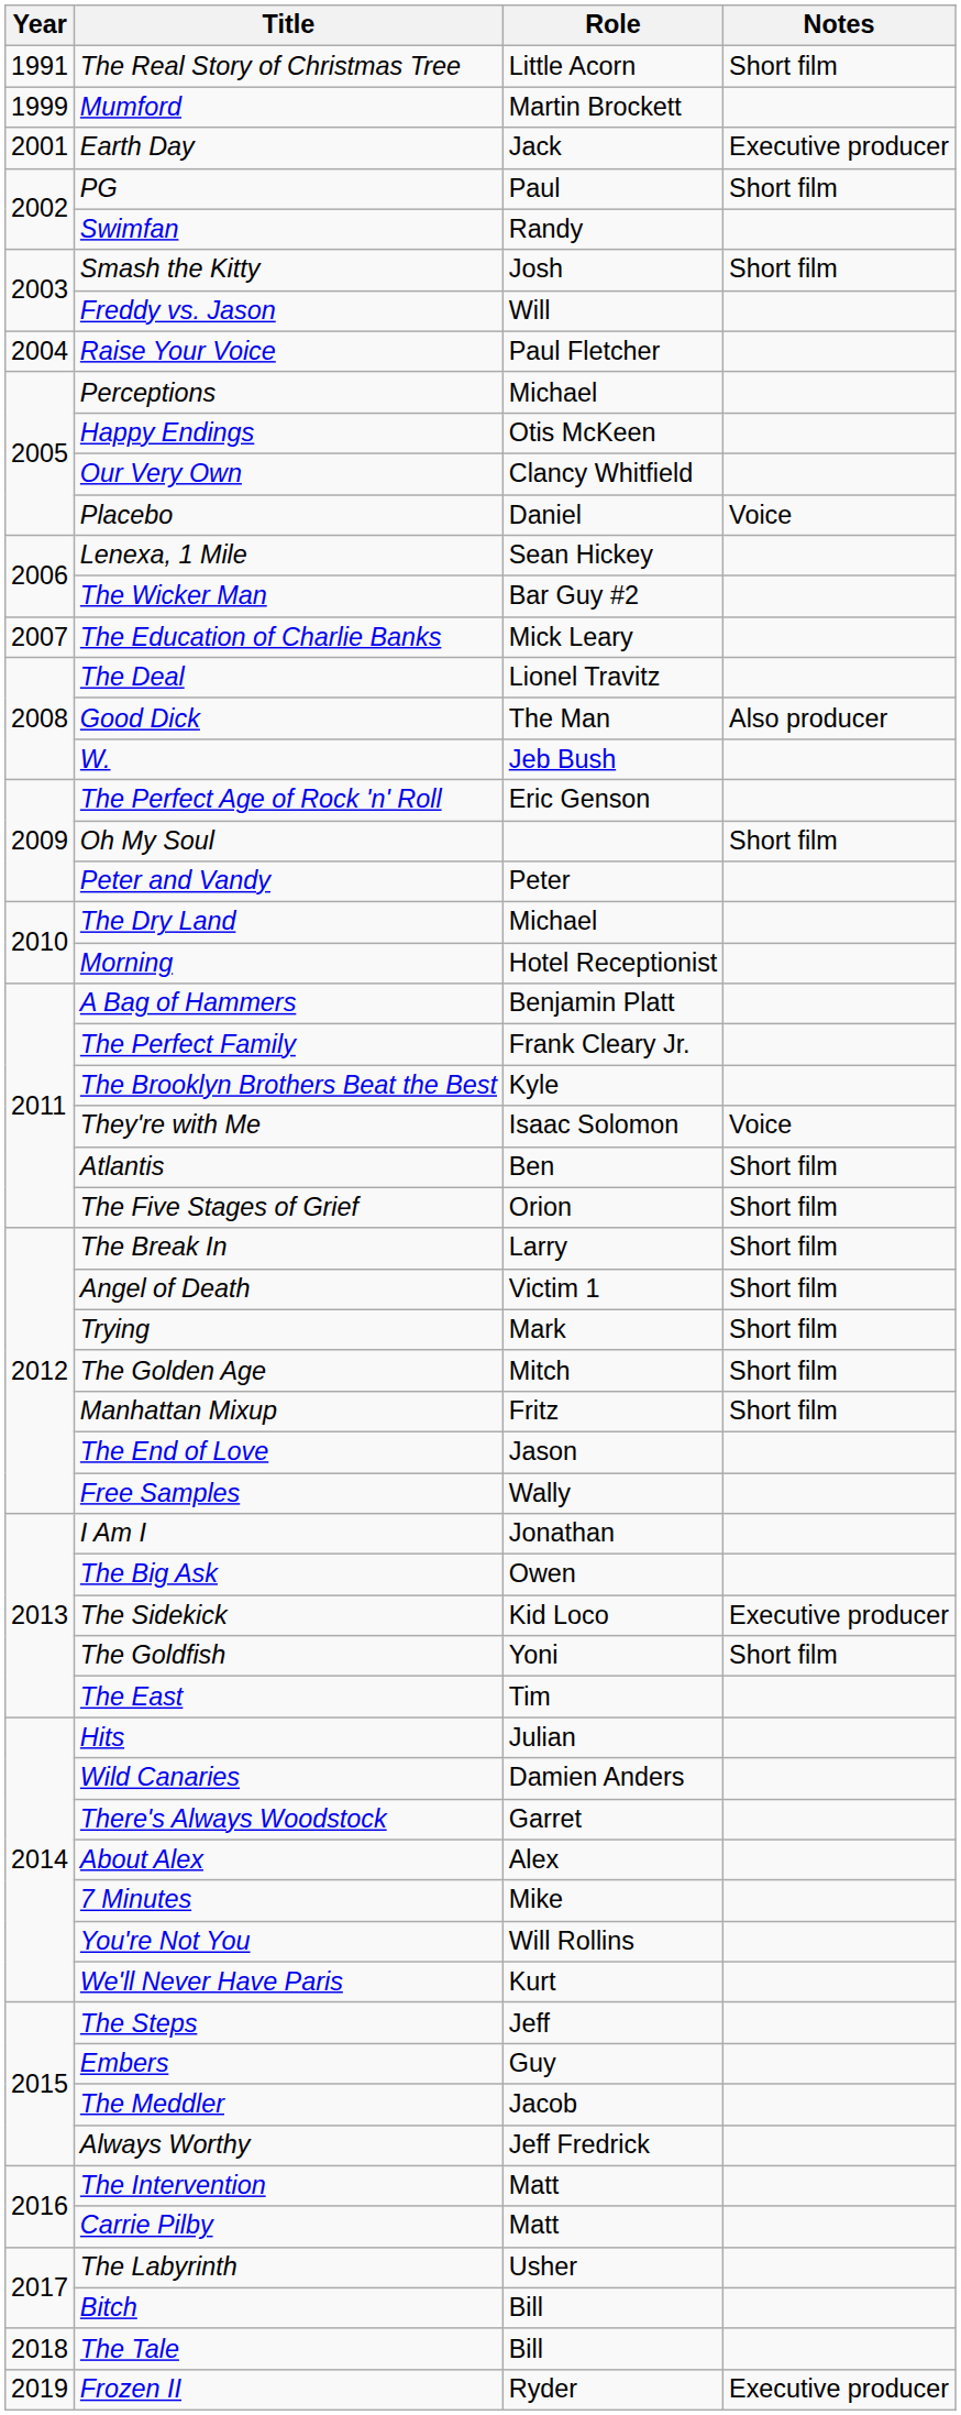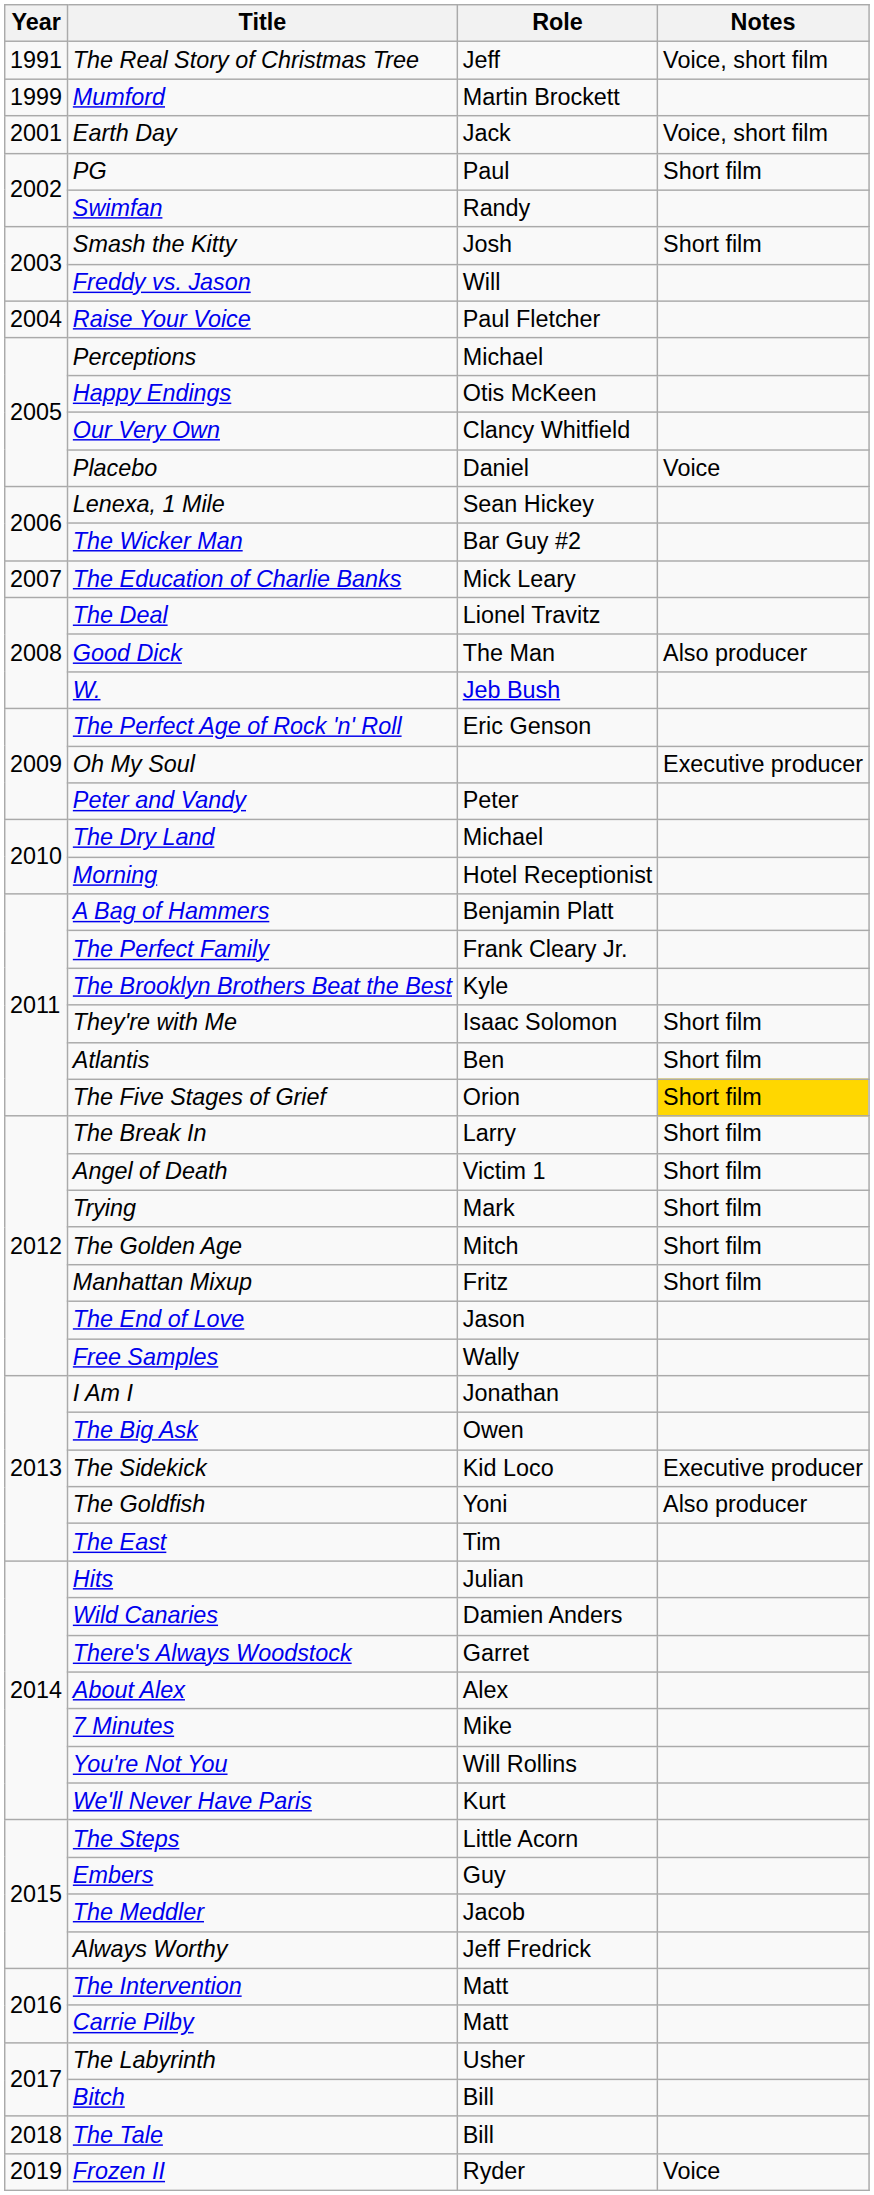 <table class="wikitable sortable">
 <tr>
 <th>Year</th>
 <th>Title</th>
 <th>Role</th>
 <th class="unsortable">Notes</th>
 </tr>
 <tr>
 <td>1991</td>
 <td><em>The Real Story of Christmas Tree</em></td>
-<td>Little Acorn</td>
-<td>Short film</td>
+<td>Jeff</td>
+<td>Voice, short film</td>
 </tr>
 <tr>
 <td>1999</td>
 <td><em><a href='#'>Mumford</a></em></td>
 <td>Martin Brockett</td>
 <td></td>
 </tr>
 <tr>
 <td>2001</td>
 <td><em>Earth Day</em></td>
 <td>Jack</td>
-<td>Executive producer</td>
+<td>Voice, short film</td>
 </tr>
 <tr>
 <td rowspan="2">2002</td>
 <td><em>PG</em></td>
 <td>Paul</td>
 <td>Short film</td>
 </tr>
 <tr>
 <td><em><a href='#'>Swimfan</a></em></td>
 <td>Randy</td>
 <td></td>
 </tr>
 <tr>
 <td rowspan="2">2003</td>
 <td><em>Smash the Kitty</em></td>
 <td>Josh</td>
 <td>Short film</td>
 </tr>
 <tr>
 <td><em><a href='#'>Freddy vs. Jason</a></em></td>
 <td>Will</td>
 <td></td>
 </tr>
 <tr>
 <td>2004</td>
 <td><em><a href='#'>Raise Your Voice</a></em></td>
 <td>Paul Fletcher</td>
 <td></td>
 </tr>
 <tr>
 <td rowspan="4">2005</td>
 <td><em>Perceptions</em></td>
 <td>Michael</td>
 <td></td>
 </tr>
 <tr>
 <td><em><a href='#'>Happy Endings</a></em></td>
 <td>Otis McKeen</td>
 <td></td>
 </tr>
 <tr>
 <td><em><a href='#'>Our Very Own</a></em></td>
 <td>Clancy Whitfield</td>
 <td></td>
 </tr>
 <tr>
 <td><em>Placebo</em></td>
 <td>Daniel</td>
 <td>Voice</td>
 </tr>
 <tr>
 <td rowspan="2">2006</td>
 <td><em>Lenexa, 1 Mile</em></td>
 <td>Sean Hickey</td>
 <td></td>
 </tr>
 <tr>
 <td><em><a href='#'>The Wicker Man</a></em></td>
 <td>Bar Guy #2</td>
 <td></td>
 </tr>
 <tr>
 <td>2007</td>
 <td><em><a href='#'>The Education of Charlie Banks</a></em></td>
 <td>Mick Leary</td>
 <td></td>
 </tr>
 <tr>
 <td rowspan="3">2008</td>
 <td><em><a href='#'>The Deal</a></em></td>
 <td>Lionel Travitz</td>
 <td></td>
 </tr>
 <tr>
 <td><em><a href='#'>Good Dick</a></em></td>
 <td>The Man</td>
 <td>Also producer</td>
 </tr>
 <tr>
 <td><em><a href='#'>W.</a></em></td>
 <td><a href='#'>Jeb Bush</a></td>
 <td></td>
 </tr>
 <tr>
 <td rowspan="3">2009</td>
 <td><em><a href='#'>The Perfect Age of Rock 'n' Roll</a></em></td>
 <td>Eric Genson</td>
 <td></td>
 </tr>
 <tr>
 <td><em>Oh My Soul</em></td>
 <td></td>
-<td>Short film</td>
+<td>Executive producer</td>
 </tr>
 <tr>
 <td><em><a href='#'>Peter and Vandy</a></em></td>
 <td>Peter</td>
 <td></td>
 </tr>
 <tr>
 <td rowspan="2'">2010</td>
 <td><em><a href='#'>The Dry Land</a></em></td>
 <td>Michael</td>
 <td></td>
 </tr>
 <tr>
 <td><em><a href='#'>Morning</a></em></td>
 <td>Hotel Receptionist</td>
 <td></td>
 </tr>
 <tr>
 <td rowspan="6">2011</td>
 <td><em><a href='#'>A Bag of Hammers</a></em></td>
 <td>Benjamin Platt</td>
 <td></td>
 </tr>
 <tr>
 <td><em><a href='#'>The Perfect Family</a></em></td>
 <td>Frank Cleary Jr.</td>
 <td></td>
 </tr>
 <tr>
 <td><em><a href='#'>The Brooklyn Brothers Beat the Best</a></em></td>
 <td>Kyle</td>
 <td></td>
 </tr>
 <tr>
 <td><em>They're with Me</em></td>
 <td>Isaac Solomon</td>
-<td>Voice</td>
+<td>Short film</td>
 </tr>
 <tr>
 <td><em>Atlantis</em></td>
 <td>Ben</td>
 <td>Short film</td>
 </tr>
 <tr>
 <td><em>The Five Stages of Grief</em></td>
 <td>Orion</td>
-<td>Short film</td>
+<td style="background: gold;">Short film</td>
 </tr>
 <tr>
 <td rowspan="7">2012</td>
 <td><em>The Break In</em></td>
 <td>Larry</td>
 <td>Short film</td>
 </tr>
 <tr>
 <td><em>Angel of Death</em></td>
 <td>Victim 1</td>
 <td>Short film</td>
 </tr>
 <tr>
 <td><em>Trying</em></td>
 <td>Mark</td>
 <td>Short film</td>
 </tr>
 <tr>
 <td><em>The Golden Age</em></td>
 <td>Mitch</td>
 <td>Short film</td>
 </tr>
 <tr>
 <td><em>Manhattan Mixup</em></td>
 <td>Fritz</td>
 <td>Short film</td>
 </tr>
 <tr>
 <td><em><a href='#'>The End of Love</a></em></td>
 <td>Jason</td>
 <td></td>
 </tr>
 <tr>
 <td><em><a href='#'>Free Samples</a></em></td>
 <td>Wally</td>
 <td></td>
 </tr>
 <tr>
 <td rowspan="5">2013</td>
 <td><em>I Am I</em></td>
 <td>Jonathan</td>
 <td></td>
 </tr>
 <tr>
 <td><em><a href='#'>The Big Ask</a></em></td>
 <td>Owen</td>
 <td></td>
 </tr>
 <tr>
 <td><em>The Sidekick</em></td>
 <td>Kid Loco</td>
 <td>Executive producer</td>
 </tr>
 <tr>
 <td><em>The Goldfish</em></td>
 <td>Yoni</td>
-<td>Short film</td>
+<td>Also producer</td>
 </tr>
 <tr>
 <td><em><a href='#'>The East</a></em></td>
 <td>Tim</td>
 <td></td>
 </tr>
 <tr>
 <td rowspan="7">2014</td>
 <td><em><a href='#'>Hits</a></em></td>
 <td>Julian</td>
 <td></td>
 </tr>
 <tr>
 <td><em><a href='#'>Wild Canaries</a></em></td>
 <td>Damien Anders</td>
 <td></td>
 </tr>
 <tr>
 <td><em><a href='#'>There's Always Woodstock</a></em></td>
 <td>Garret</td>
 <td></td>
 </tr>
 <tr>
 <td><em><a href='#'>About Alex</a></em></td>
 <td>Alex</td>
 <td></td>
 </tr>
 <tr>
 <td><em><a href='#'>7 Minutes</a></em></td>
 <td>Mike</td>
 <td></td>
 </tr>
 <tr>
 <td><em><a href='#'>You're Not You</a></em></td>
 <td>Will Rollins</td>
 <td></td>
 </tr>
 <tr>
 <td><em><a href='#'>We'll Never Have Paris</a></em></td>
 <td>Kurt</td>
 <td></td>
 </tr>
 <tr>
 <td rowspan="4">2015</td>
 <td><em><a href='#'>The Steps</a></em></td>
-<td>Jeff</td>
+<td>Little Acorn</td>
 <td></td>
 </tr>
 <tr>
 <td><em><a href='#'>Embers</a></em></td>
 <td>Guy</td>
 <td></td>
 </tr>
 <tr>
 <td><em><a href='#'>The Meddler</a></em></td>
 <td>Jacob</td>
 <td></td>
 </tr>
 <tr>
 <td><em>Always Worthy</em></td>
 <td>Jeff Fredrick</td>
 <td></td>
 </tr>
 <tr>
 <td rowspan="2">2016</td>
 <td><em><a href='#'>The Intervention</a></em></td>
 <td>Matt</td>
 <td></td>
 </tr>
 <tr>
 <td><em><a href='#'>Carrie Pilby</a></em></td>
 <td>Matt</td>
 <td></td>
 </tr>
 <tr>
 <td rowspan="2">2017</td>
 <td><em>The Labyrinth</em></td>
 <td>Usher</td>
 <td></td>
 </tr>
 <tr>
 <td><em><a href='#'>Bitch</a></em></td>
 <td>Bill</td>
 <td></td>
 </tr>
 <tr>
 <td>2018</td>
 <td><em><a href='#'>The Tale</a></em></td>
 <td>Bill</td>
 <td></td>
 </tr>
 <tr>
 <td>2019</td>
 <td><em><a href='#'>Frozen II</a></em></td>
 <td>Ryder</td>
-<td>Executive producer</td>
+<td>Voice</td>
 </tr>
 </table>
